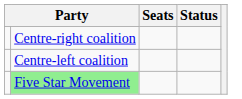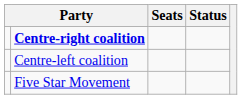 <table class=wikitable>
 <tr>
 <th colspan=2>Party</th>
 <th>Seats</th>
 <th>Status</th>
 <th rowspan=4></th>
 </tr>
 <tr>
 <td style="color:inherit;background:"></td>
-<td><a href='#'>Centre-right coalition</a></td>
+<td><strong><a href='#'>Centre-right coalition</a></strong></td>
 <td></td>
 <td></td>
 </tr>
 <tr>
 <td style="color:inherit;background:"></td>
 <td><a href='#'>Centre-left coalition</a></td>
 <td></td>
 <td></td>
 </tr>
 <tr>
 <td style="color:inherit;background:"></td>
-<td style="background: lightgreen;"><a href='#'>Five Star Movement</a></td>
+<td><a href='#'>Five Star Movement</a></td>
 <td></td>
 <td></td>
 </tr>
 </table>
